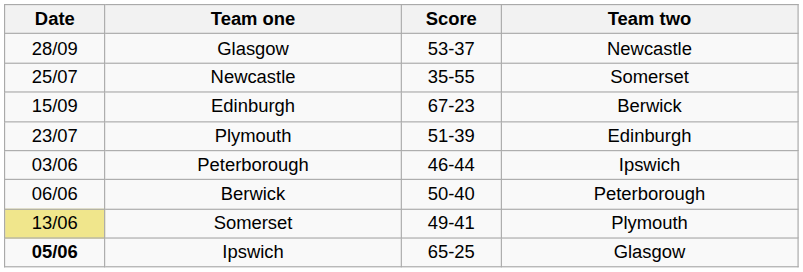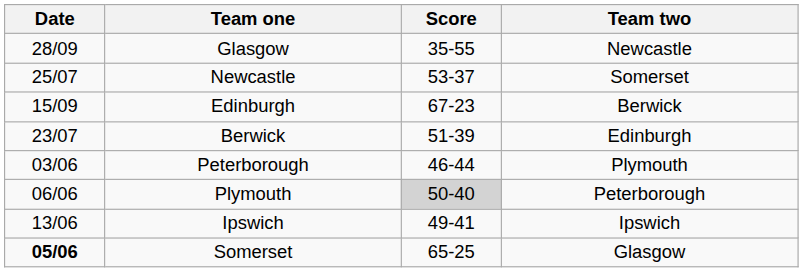 <table class="wikitable" style="text-align: center">
 <tr>
 <th width=80>Date</th>
 <th width=250>Team one</th>
 <th width=80>Score</th>
 <th width=250>Team two</th>
 </tr>
 <tr>
 <td>28/09</td>
 <td>Glasgow</td>
-<td>53-37</td>
+<td>35-55</td>
 <td>Newcastle</td>
 </tr>
 <tr>
 <td>25/07</td>
 <td>Newcastle</td>
-<td>35-55</td>
+<td>53-37</td>
 <td>Somerset</td>
 </tr>
 <tr>
 <td>15/09</td>
 <td>Edinburgh</td>
 <td>67-23</td>
 <td>Berwick</td>
 </tr>
 <tr>
 <td>23/07</td>
-<td>Plymouth</td>
+<td>Berwick</td>
 <td>51-39</td>
 <td>Edinburgh</td>
 </tr>
 <tr>
 <td>03/06</td>
 <td>Peterborough</td>
 <td>46-44</td>
+<td>Plymouth</td>
+</tr>
+<tr>
+<td>06/06</td>
+<td>Plymouth</td>
+<td style="background: lightgrey;">50-40</td>
+<td>Peterborough</td>
+</tr>
+<tr>
+<td>13/06</td>
+<td>Ipswich</td>
+<td>49-41</td>
 <td>Ipswich</td>
 </tr>
 <tr>
-<td>06/06</td>
-<td>Berwick</td>
-<td>50-40</td>
-<td>Peterborough</td>
-</tr>
-<tr>
-<td style="background: khaki;">13/06</td>
+<td><strong>05/06</strong></td>
 <td>Somerset</td>
-<td>49-41</td>
-<td>Plymouth</td>
-</tr>
-<tr>
-<td><strong>05/06</strong></td>
-<td>Ipswich</td>
 <td>65-25</td>
 <td>Glasgow</td>
 </tr>
 </table>
